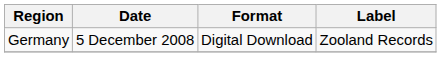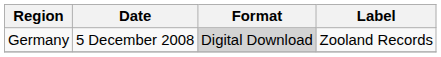 <table class=wikitable>
 <tr>
 <th>Region</th>
 <th>Date</th>
 <th>Format</th>
 <th>Label</th>
 </tr>
 <tr>
 <td>Germany</td>
 <td>5 December 2008</td>
-<td>Digital Download</td>
+<td style="background: lightgrey;">Digital Download</td>
 <td>Zooland Records</td>
 </tr>
 <tr>
 </tr>
 </table>
